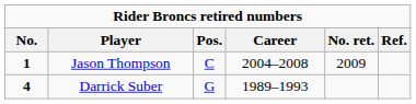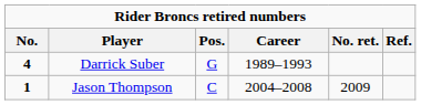 <table class="wikitable sortable" style="text-align:center">
 <tr>
 <td colspan=6><strong>Rider Broncs retired numbers</strong></td>
 </tr>
 <tr>
 <th width=40px>No.</th>
 <th width=150px>Player</th>
 <th width=px>Pos.</th>
 <th width=100px>Career</th>
 <th width=px>No. ret.</th>
 <th width=px>Ref.</th>
 </tr>
 <tr>
+<td><strong>4</strong></td>
+<td><a href='#'>Darrick Suber</a></td>
+<td><a href='#'>G</a></td>
+<td>1989–1993</td>
+<td></td>
+<td></td>
+</tr>
+<tr>
 <td><strong>1</strong></td>
 <td><a href='#'>Jason Thompson</a></td>
 <td><a href='#'>C</a></td>
 <td>2004–2008</td>
 <td>2009</td>
 <td></td>
 </tr>
-<tr>
-<td><strong>4</strong></td>
-<td><a href='#'>Darrick Suber</a></td>
-<td><a href='#'>G</a></td>
-<td>1989–1993</td>
-<td></td>
-<td></td>
-</tr>
 </table>
